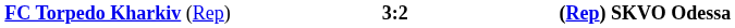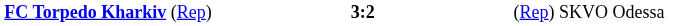 <table width=100% cellspacing=1>
 <tr>
 <th width=20%></th>
 <th width=12%></th>
 <th width=20%></th>
 <th></th>
 </tr>
 <tr style=font-size:90%>
 <td align=right><strong><a href='#'>FC Torpedo Kharkiv</a></strong> (<a href='#'>Rep</a>)</td>
 <td align=center><strong>3:2</strong></td>
-<td><strong>(<a href='#'>Rep</a>) SKVO Odessa</strong></td>
+<td>(<a href='#'>Rep</a>) SKVO Odessa</td>
 <td></td>
 </tr>
 </table>
